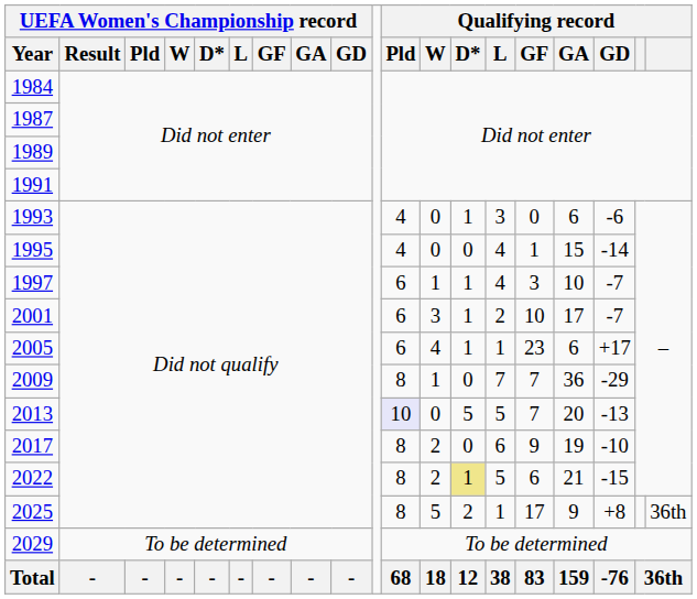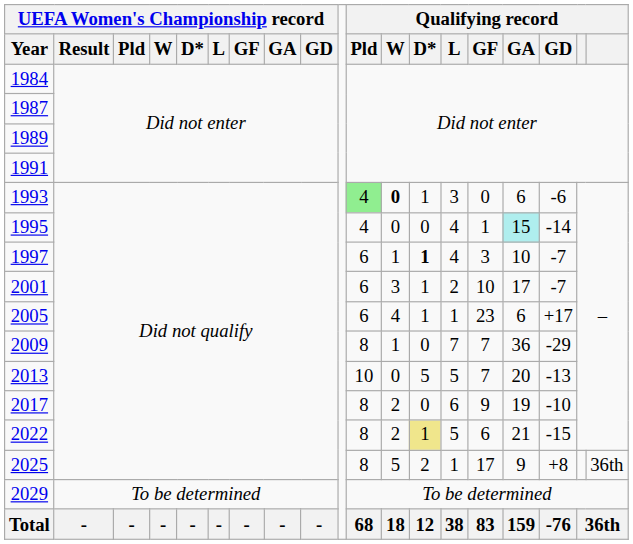 <table class="wikitable" style="text-align: center;">
 <tr>
 <th colspan=9><a href='#'>UEFA Women's Championship</a> record</th>
 <td rowspan=100></td>
 <th colspan=9>Qualifying record</th>
 </tr>
 <tr>
 <th>Year</th>
 <th>Result</th>
 <th>Pld</th>
 <th>W</th>
 <th>D*</th>
 <th>L</th>
 <th>GF</th>
 <th>GA</th>
 <th>GD<br></th>
 <th>Pld</th>
 <th>W</th>
 <th>D*</th>
 <th>L</th>
 <th>GF</th>
 <th>GA</th>
 <th>GD</th>
 <th></th>
 <th></th>
 </tr>
 <tr>
 <td> <a href='#'>1984</a></td>
 <td colspan=8 rowspan=4><em>Did not enter</em></td>
 <td colspan=9 rowspan=4><em>Did not enter</em></td>
 </tr>
 <tr>
 <td> <a href='#'>1987</a></td>
 </tr>
 <tr>
 <td> <a href='#'>1989</a></td>
 </tr>
 <tr>
 <td> <a href='#'>1991</a></td>
 </tr>
 <tr>
 <td> <a href='#'>1993</a></td>
 <td colspan=8 rowspan=10><em>Did not qualify</em></td>
-<td>4</td>
-<td>0</td>
+<td style="background: lightgreen;">4</td>
+<td><strong>0</strong></td>
 <td>1</td>
 <td>3</td>
 <td>0</td>
 <td>6</td>
 <td>-6</td>
 <td colspan=2 rowspan=9>–</td>
 </tr>
 <tr>
 <td> <a href='#'>1995</a></td>
 <td>4</td>
 <td>0</td>
 <td>0</td>
 <td>4</td>
 <td>1</td>
-<td>15</td>
+<td style="background: paleturquoise;">15</td>
 <td>-14</td>
 </tr>
 <tr>
 <td> <a href='#'>1997</a></td>
 <td>6</td>
 <td>1</td>
-<td>1</td>
+<td><strong>1</strong></td>
 <td>4</td>
 <td>3</td>
 <td>10</td>
 <td>-7</td>
 </tr>
 <tr>
 <td> <a href='#'>2001</a></td>
 <td>6</td>
 <td>3</td>
 <td>1</td>
 <td>2</td>
 <td>10</td>
 <td>17</td>
 <td>-7</td>
 </tr>
 <tr>
 <td> <a href='#'>2005</a></td>
 <td>6</td>
 <td>4</td>
 <td>1</td>
 <td>1</td>
 <td>23</td>
 <td>6</td>
 <td>+17</td>
 </tr>
 <tr>
 <td> <a href='#'>2009</a></td>
 <td>8</td>
 <td>1</td>
 <td>0</td>
 <td>7</td>
 <td>7</td>
 <td>36</td>
 <td>-29</td>
 </tr>
 <tr>
 <td> <a href='#'>2013</a></td>
-<td style="background: lavender;">10</td>
+<td>10</td>
 <td>0</td>
 <td>5</td>
 <td>5</td>
 <td>7</td>
 <td>20</td>
 <td>-13</td>
 </tr>
 <tr>
 <td> <a href='#'>2017</a></td>
 <td>8</td>
 <td>2</td>
 <td>0</td>
 <td>6</td>
 <td>9</td>
 <td>19</td>
 <td>-10</td>
 </tr>
 <tr>
 <td> <a href='#'>2022</a></td>
 <td>8</td>
 <td>2</td>
 <td style="background: khaki;">1</td>
 <td>5</td>
 <td>6</td>
 <td>21</td>
 <td>-15</td>
 </tr>
 <tr>
 <td> <a href='#'>2025</a></td>
 <td>8</td>
 <td>5</td>
 <td>2</td>
 <td>1</td>
 <td>17</td>
 <td>9</td>
 <td>+8</td>
 <td></td>
 <td>36th</td>
 </tr>
 <tr>
 <td><a href='#'>2029</a></td>
 <td colspan=8><em>To be determined</em></td>
 <td colspan=9><em>To be determined</em></td>
 </tr>
 <tr>
 <th>Total</th>
 <th>-</th>
 <th>-</th>
 <th>-</th>
 <th>-</th>
 <th>-</th>
 <th>-</th>
 <th>-</th>
 <th>-</th>
 <th>68</th>
 <th>18</th>
 <th>12</th>
 <th>38</th>
 <th>83</th>
 <th>159</th>
 <th>-76</th>
 <th colspan=2>36th</th>
 </tr>
 </table>
